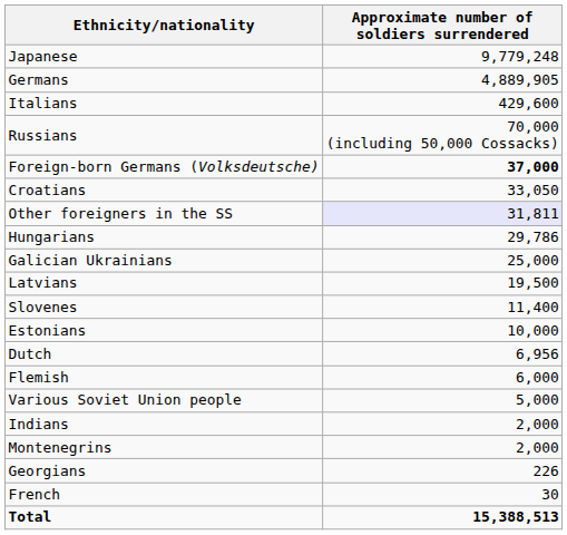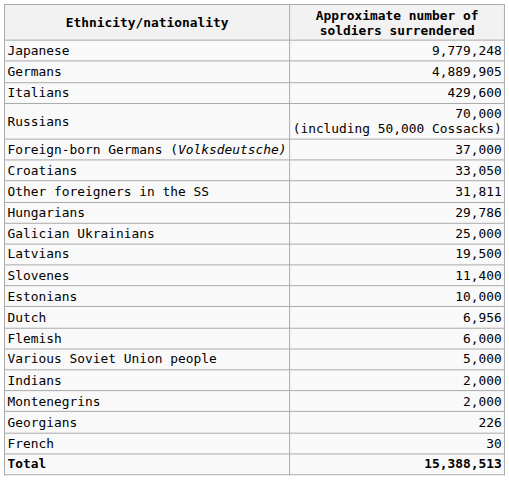 <table class="wikitable">
 <tr>
 <th>Ethnicity/nationality</th>
 <th>Approximate number of<br> soldiers surrendered</th>
 </tr>
 <tr>
 <td>Japanese</td>
 <td style="text-align:right;">9,779,248</td>
 </tr>
 <tr>
 <td>Germans</td>
 <td style="text-align:right;">4,889,905</td>
 </tr>
 <tr>
 <td>Italians</td>
 <td style="text-align:right;">429,600</td>
 </tr>
 <tr>
 <td>Russians</td>
 <td style="text-align:right;">70,000 <br>(including 50,000 Cossacks)</td>
 </tr>
 <tr>
 <td>Foreign-born Germans (<em>Volksdeutsche)</em></td>
-<td style="text-align:right;"><strong>37,000</strong></td>
+<td style="text-align:right;">37,000</td>
 </tr>
 <tr>
 <td>Croatians</td>
 <td style="text-align:right;">33,050</td>
 </tr>
 <tr>
 <td>Other foreigners in the SS</td>
-<td style="background: lavender; text-align:right;">31,811</td>
+<td style="text-align:right;">31,811</td>
 </tr>
 <tr>
 <td>Hungarians</td>
 <td style="text-align:right;">29,786</td>
 </tr>
 <tr>
 <td>Galician Ukrainians</td>
 <td style="text-align:right;">25,000</td>
 </tr>
 <tr>
 <td>Latvians</td>
 <td style="text-align:right;">19,500</td>
 </tr>
 <tr>
 <td>Slovenes</td>
 <td style="text-align:right;">11,400</td>
 </tr>
 <tr>
 <td>Estonians</td>
 <td style="text-align:right;">10,000</td>
 </tr>
 <tr>
 <td>Dutch</td>
 <td style="text-align:right;">6,956</td>
 </tr>
 <tr>
 <td>Flemish</td>
 <td style="text-align:right;">6,000</td>
 </tr>
 <tr>
 <td>Various Soviet Union people</td>
 <td style="text-align:right;">5,000</td>
 </tr>
 <tr>
 <td>Indians</td>
 <td style="text-align:right;">2,000</td>
 </tr>
 <tr>
 <td>Montenegrins</td>
 <td style="text-align:right;">2,000</td>
 </tr>
 <tr>
 <td>Georgians</td>
 <td style="text-align:right;">226</td>
 </tr>
 <tr>
 <td>French</td>
 <td style="text-align:right;">30</td>
 </tr>
 <tr>
 <td><strong>Total</strong></td>
 <td style="text-align:right;"><strong>15,388,513</strong></td>
 </tr>
 </table>
